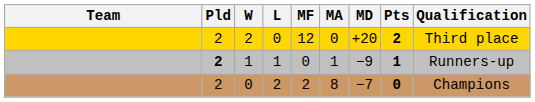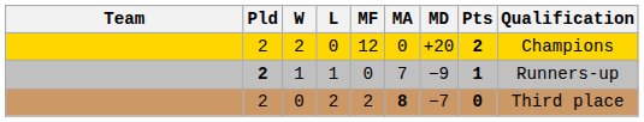 <table class="wikitable" style="text-align:center">
 <tr>
 <th width="175">Team</th>
 <th width="20">Pld</th>
 <th width="20">W</th>
 <th width="20">L</th>
 <th width="20">MF</th>
 <th width="20">MA</th>
 <th width="20">MD</th>
 <th width="20">Pts</th>
 <th width="100">Qualification</th>
 </tr>
 <tr bgcolor="gold">
 <td align="left"></td>
 <td>2</td>
 <td>2</td>
 <td>0</td>
 <td>12</td>
 <td>0</td>
 <td>+20</td>
 <td><strong>2</strong></td>
-<td>Third place</td>
+<td>Champions</td>
 </tr>
 <tr bgcolor="silver">
 <td align="left"></td>
 <td><strong>2</strong></td>
 <td>1</td>
 <td>1</td>
 <td>0</td>
-<td>1</td>
+<td>7</td>
 <td>−9</td>
 <td><strong>1</strong></td>
 <td>Runners-up</td>
 </tr>
 <tr bgcolor="cc9966">
 <td align="left"></td>
 <td>2</td>
 <td>0</td>
 <td>2</td>
 <td>2</td>
-<td>8</td>
+<td><strong>8</strong></td>
 <td>−7</td>
 <td><strong>0</strong></td>
-<td>Champions</td>
+<td>Third place</td>
 </tr>
 </table>
